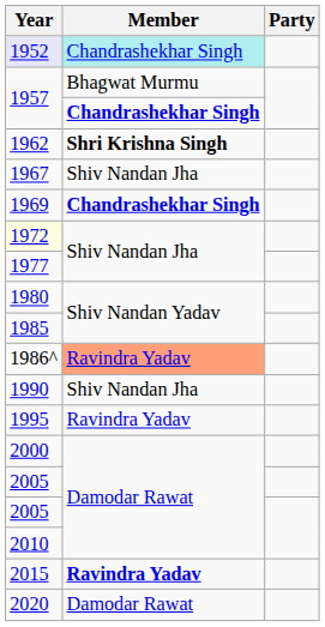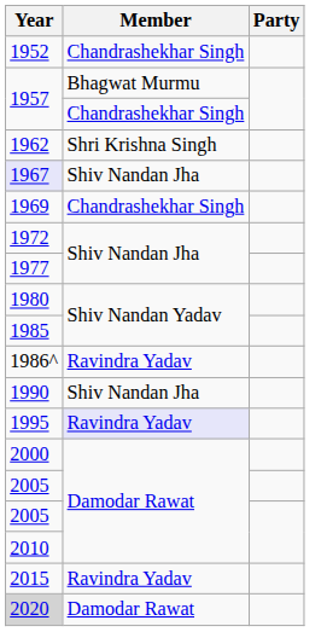 <table class="wikitable sortable">
 <tr>
 <th>Year</th>
 <th>Member</th>
 <th colspan="2">Party</th>
 </tr>
 <tr>
-<td style="background: lavender;"><a href='#'>1952</a></td>
-<td style="background: paleturquoise;"><a href='#'>Chandrashekhar Singh</a></td>
+<td><a href='#'>1952</a></td>
+<td><a href='#'>Chandrashekhar Singh</a></td>
 <td></td>
 </tr>
 <tr>
 <td rowspan="2"><a href='#'>1957</a></td>
 <td>Bhagwat Murmu</td>
 </tr>
 <tr>
-<td><strong><a href='#'>Chandrashekhar Singh</a></strong></td>
+<td><a href='#'>Chandrashekhar Singh</a></td>
 </tr>
 <tr>
 <td><a href='#'>1962</a></td>
-<td><strong>Shri Krishna Singh</strong></td>
+<td>Shri Krishna Singh</td>
 <td></td>
 </tr>
 <tr>
-<td><a href='#'>1967</a></td>
+<td style="background: lavender;"><a href='#'>1967</a></td>
 <td>Shiv Nandan Jha</td>
 <td></td>
 </tr>
 <tr>
 <td><a href='#'>1969</a></td>
-<td><strong><a href='#'>Chandrashekhar Singh</a></strong></td>
+<td><a href='#'>Chandrashekhar Singh</a></td>
 <td></td>
 </tr>
 <tr>
-<td style="background: lightyellow;"><a href='#'>1972</a></td>
+<td><a href='#'>1972</a></td>
 <td rowspan="2">Shiv Nandan Jha</td>
 <td></td>
 </tr>
 <tr>
 <td><a href='#'>1977</a></td>
 <td></td>
 </tr>
 <tr>
 <td><a href='#'>1980</a></td>
 <td rowspan="2">Shiv Nandan Yadav</td>
 <td></td>
 </tr>
 <tr>
 <td><a href='#'>1985</a></td>
 <td></td>
 </tr>
 <tr>
 <td>1986^</td>
-<td style="background: lightsalmon;"><a href='#'>Ravindra Yadav</a></td>
+<td><a href='#'>Ravindra Yadav</a></td>
 </tr>
 <tr>
 <td><a href='#'>1990</a></td>
 <td>Shiv Nandan Jha</td>
 <td></td>
 </tr>
 <tr>
 <td><a href='#'>1995</a></td>
-<td><a href='#'>Ravindra Yadav</a></td>
+<td style="background: lavender;"><a href='#'>Ravindra Yadav</a></td>
 <td></td>
 </tr>
 <tr>
 <td><a href='#'>2000</a></td>
 <td rowspan="4"><a href='#'>Damodar Rawat</a></td>
 <td></td>
 </tr>
 <tr>
 <td><a href='#'>2005</a></td>
 <td></td>
 </tr>
 <tr>
 <td><a href='#'>2005</a></td>
 </tr>
 <tr>
 <td><a href='#'>2010</a></td>
 </tr>
 <tr>
 <td><a href='#'>2015</a></td>
-<td><strong><a href='#'>Ravindra Yadav</a></strong></td>
+<td><a href='#'>Ravindra Yadav</a></td>
 <td></td>
 </tr>
 <tr>
-<td><a href='#'>2020</a></td>
+<td style="background: lightgrey;"><a href='#'>2020</a></td>
 <td><a href='#'>Damodar Rawat</a></td>
 <td></td>
 </tr>
 </table>
